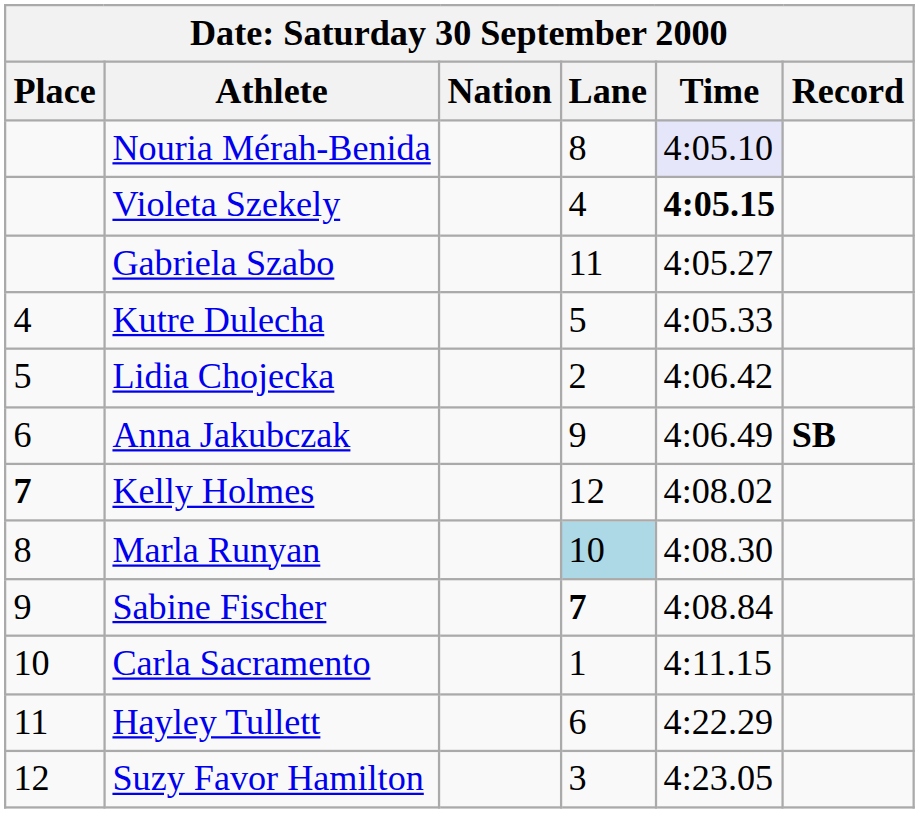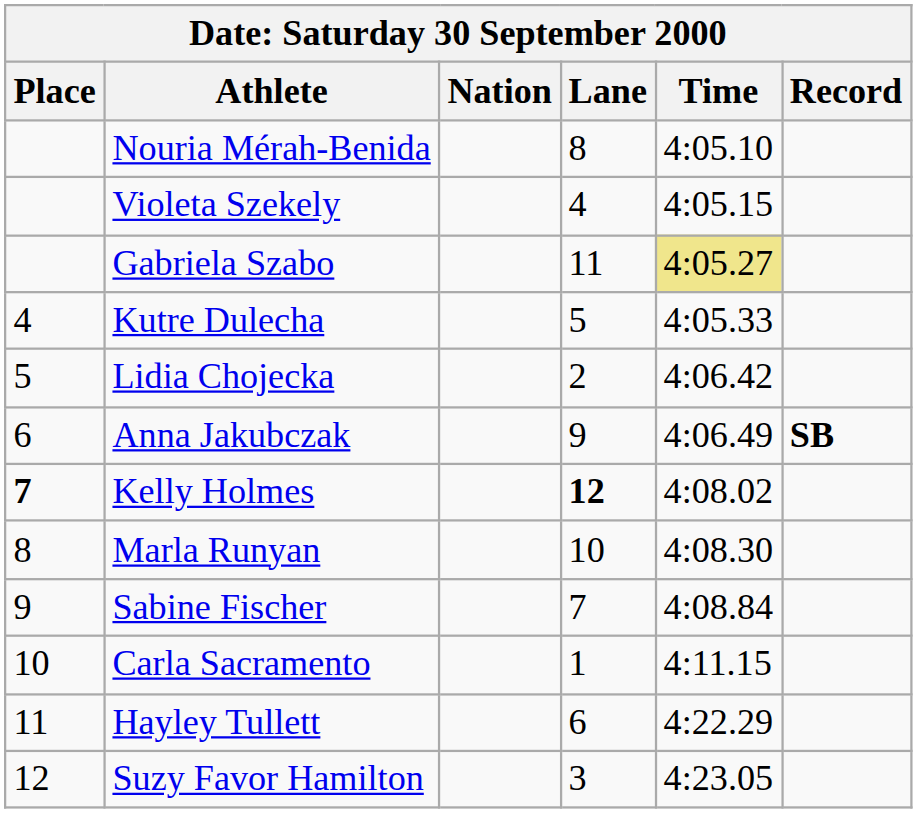 <table class="wikitable">
 <tr>
 <th colspan=9>Date: Saturday 30 September 2000 <br></th>
 </tr>
 <tr>
 <th colspan=1>Place</th>
 <th rowspan=1>Athlete</th>
 <th rowspan=1>Nation</th>
 <th rowspan=1>Lane</th>
 <th rowspan=1>Time</th>
 <th rowspan=1>Record</th>
 </tr>
 <tr>
 <td></td>
 <td align="left"><a href='#'>Nouria Mérah-Benida</a></td>
 <td align="left"></td>
 <td>8</td>
-<td style="background: lavender;">4:05.10</td>
+<td>4:05.10</td>
 <td></td>
 </tr>
 <tr>
 <td></td>
 <td align="left"><a href='#'>Violeta Szekely</a></td>
 <td align="left"></td>
 <td>4</td>
-<td><strong>4:05.15</strong></td>
+<td>4:05.15</td>
 <td></td>
 </tr>
 <tr>
 <td></td>
 <td align="left"><a href='#'>Gabriela Szabo</a></td>
 <td align="left"></td>
 <td>11</td>
-<td>4:05.27</td>
+<td style="background: khaki;">4:05.27</td>
 <td></td>
 </tr>
 <tr>
 <td>4</td>
 <td align="left"><a href='#'>Kutre Dulecha</a></td>
 <td align="left"></td>
 <td>5</td>
 <td>4:05.33</td>
 <td></td>
 </tr>
 <tr>
 <td>5</td>
 <td align="left"><a href='#'>Lidia Chojecka</a></td>
 <td align="left"></td>
 <td>2</td>
 <td>4:06.42</td>
 <td></td>
 </tr>
 <tr>
 <td>6</td>
 <td align="left"><a href='#'>Anna Jakubczak</a></td>
 <td align="left"></td>
 <td>9</td>
 <td>4:06.49</td>
 <td><strong>SB</strong></td>
 </tr>
 <tr>
 <td><strong>7</strong></td>
 <td align="left"><a href='#'>Kelly Holmes</a></td>
 <td align="left"></td>
-<td>12</td>
+<td><strong>12</strong></td>
 <td>4:08.02</td>
 <td></td>
 </tr>
 <tr>
 <td>8</td>
 <td align="left"><a href='#'>Marla Runyan</a></td>
 <td align="left"></td>
-<td style="background: lightblue;">10</td>
+<td>10</td>
 <td>4:08.30</td>
 <td></td>
 </tr>
 <tr>
 <td>9</td>
 <td align="left"><a href='#'>Sabine Fischer</a></td>
 <td align="left"></td>
-<td><strong>7</strong></td>
+<td>7</td>
 <td>4:08.84</td>
 <td></td>
 </tr>
 <tr>
 <td>10</td>
 <td align="left"><a href='#'>Carla Sacramento</a></td>
 <td align="left"></td>
 <td>1</td>
 <td>4:11.15</td>
 <td></td>
 </tr>
 <tr>
 <td>11</td>
 <td align="left"><a href='#'>Hayley Tullett</a></td>
 <td align="left"></td>
 <td>6</td>
 <td>4:22.29</td>
 <td></td>
 </tr>
 <tr>
 <td>12</td>
 <td align="left"><a href='#'>Suzy Favor Hamilton</a></td>
 <td align="left"></td>
 <td>3</td>
 <td>4:23.05</td>
 <td></td>
 </tr>
 </table>
